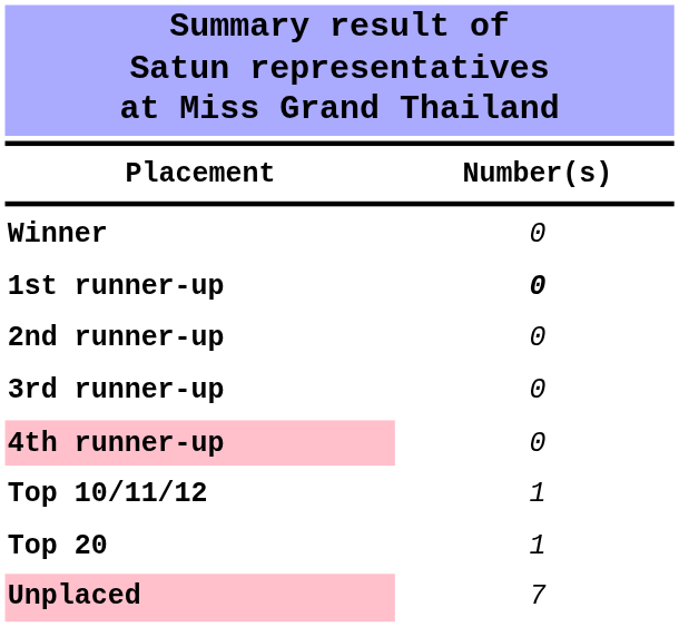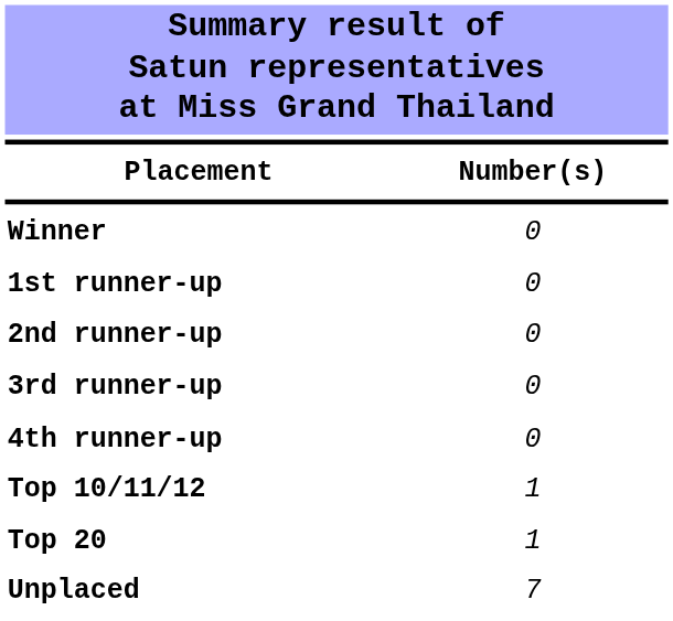 <table style="width: 270px; font-size:85%; line-height:1.5em;">
 <tr>
 <th colspan="2" align="center" style="background:#AAF;"><big>Summary result of<br>Satun representatives<br>at Miss Grand Thailand</big></th>
 </tr>
 <tr>
 <td colspan="2" style="background:black"></td>
 </tr>
 <tr>
 <th scope="col">Placement</th>
 <th scope="col">Number(s)</th>
 </tr>
 <tr>
 <td colspan="2" style="background:black"></td>
 </tr>
 <tr>
 <td align="left"><strong>Winner</strong></td>
 <td align="center"><em>0</em></td>
 </tr>
 <tr>
 <td align="left"><strong>1st runner-up</strong></td>
-<td align="center"><strong><em>0</em></strong></td>
+<td align="center"><em>0</em></td>
 </tr>
 <tr>
 <td align="left"><strong>2nd runner-up</strong></td>
 <td align="center"><em>0</em></td>
 </tr>
 <tr>
 <td align="left"><strong>3rd runner-up</strong></td>
 <td align="center"><em>0</em></td>
 </tr>
 <tr>
-<td align="left" style="background: pink;"><strong>4th runner-up</strong></td>
+<td align="left"><strong>4th runner-up</strong></td>
 <td align="center"><em>0</em></td>
 </tr>
 <tr>
 <td align="left"><strong>Top 10/11/12</strong></td>
 <td align="center"><em>1</em></td>
 </tr>
 <tr>
 <td align="left"><strong>Top 20</strong></td>
 <td align="center"><em>1</em></td>
 </tr>
 <tr>
-<td align="left" style="background: pink;"><strong>Unplaced</strong></td>
+<td align="left"><strong>Unplaced</strong></td>
 <td align="center"><em>7</em></td>
 </tr>
 </table>
